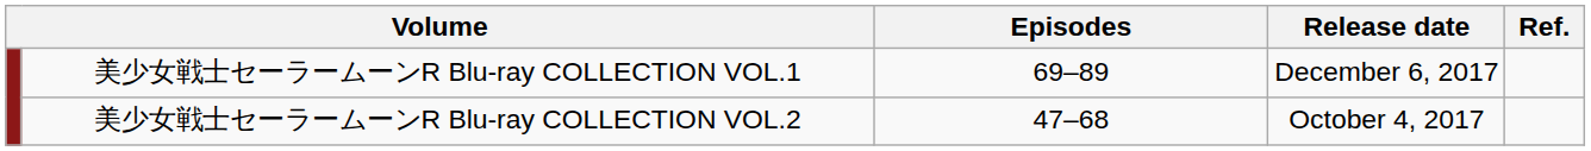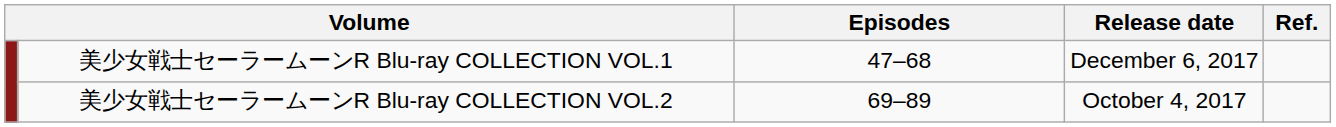 <table class="wikitable" style="text-align: center;">
 <tr>
 <th colspan="2">Volume</th>
 <th width="25%">Episodes</th>
 <th width="15%">Release date</th>
 <th width="5%">Ref.</th>
 </tr>
 <tr>
 <td rowspan="2" width="1%" style="background: #8C1717;"></td>
 <td>美少女戦士セーラームーンR Blu-ray COLLECTION VOL.1</td>
-<td>69–89</td>
+<td>47–68</td>
 <td>December 6, 2017</td>
 <td></td>
 </tr>
 <tr>
 <td>美少女戦士セーラームーンR Blu-ray COLLECTION VOL.2</td>
-<td>47–68</td>
+<td>69–89</td>
 <td>October 4, 2017</td>
 <td></td>
 </tr>
 </table>
